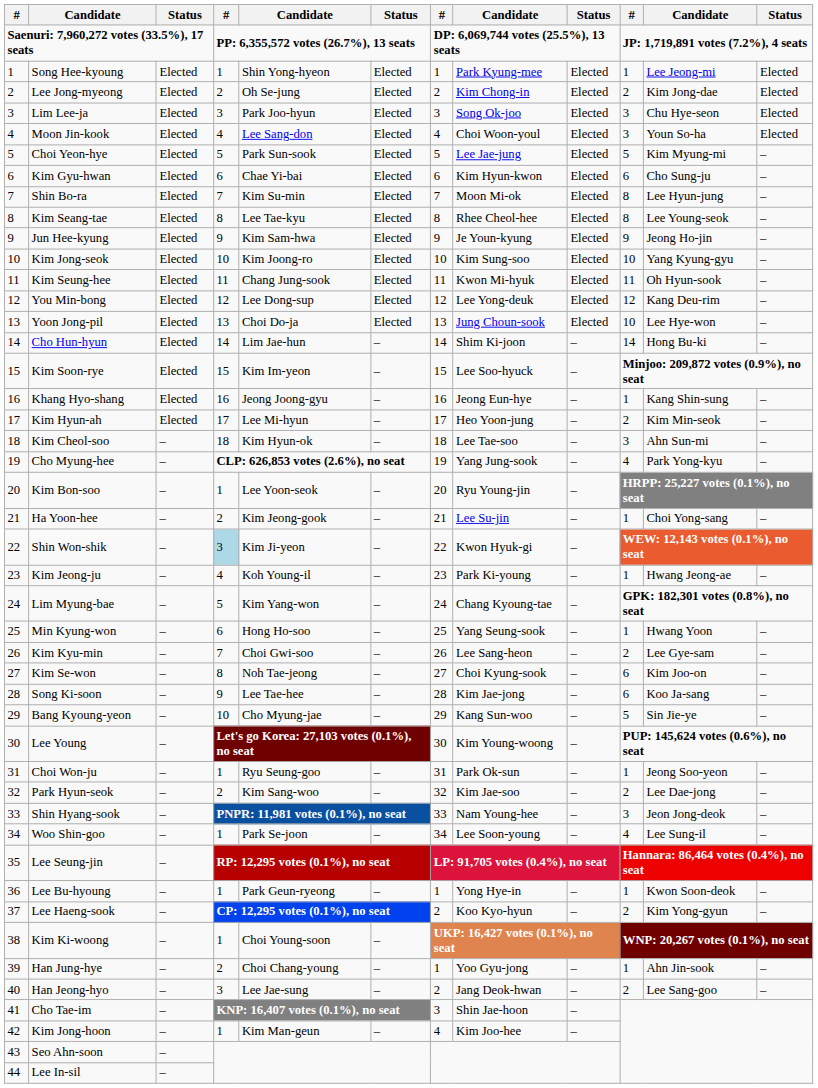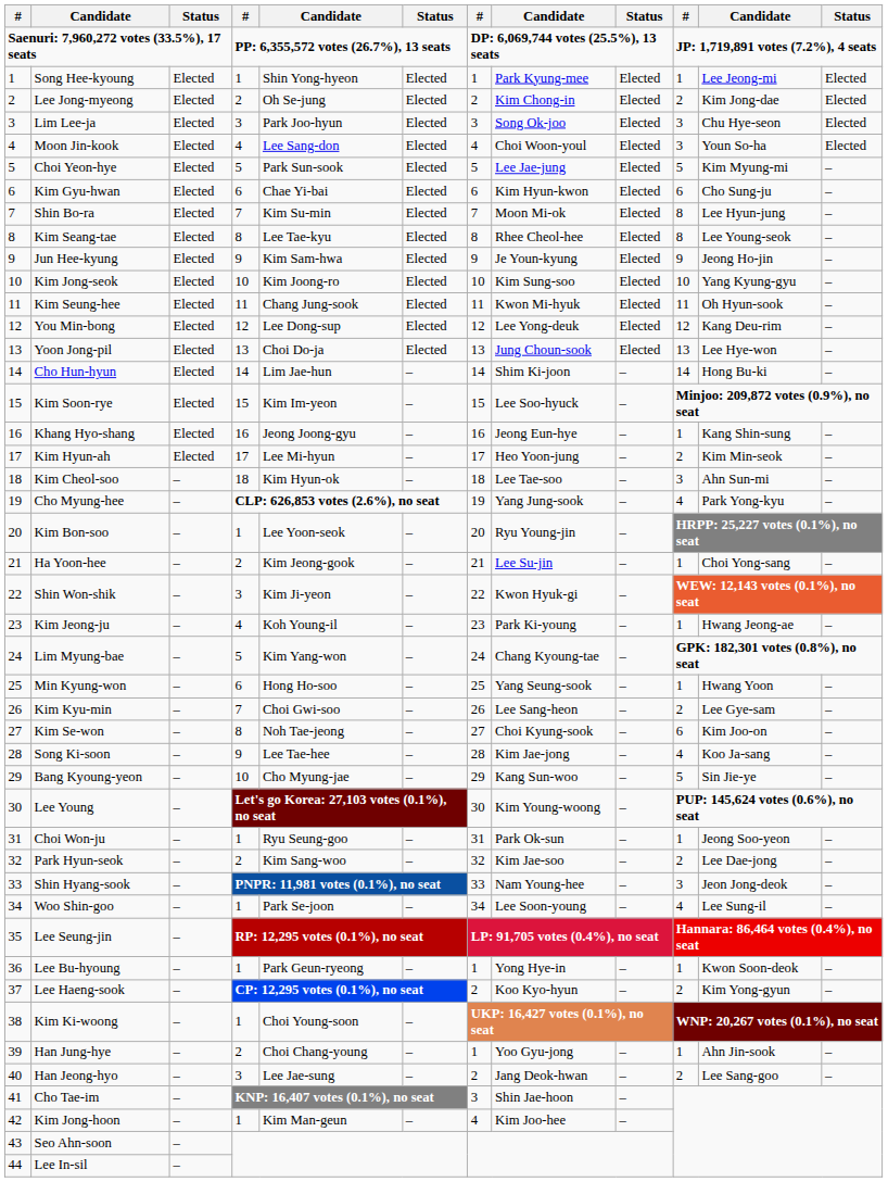 <table class="wikitable" style="font-size:85%;">
 <tr>
 <th>#</th>
 <th>Candidate</th>
 <th>Status</th>
 <th>#</th>
 <th>Candidate</th>
 <th>Status</th>
 <th>#</th>
 <th>Candidate</th>
 <th>Status</th>
 <th>#</th>
 <th>Candidate</th>
 <th>Status</th>
 </tr>
 <tr>
 <td colspan="3" style="background:"><strong>Saenuri: 7,960,272 votes (33.5%), 17 seats</strong></td>
 <td colspan="3" style="background:"><strong>PP: 6,355,572 votes (26.7%), 13 seats</strong></td>
 <td colspan="3" style="background:"><strong>DP: 6,069,744 votes (25.5%), 13 seats</strong></td>
 <td colspan="3" style="background:"><strong>JP: 1,719,891 votes (7.2%), 4 seats</strong></td>
 </tr>
 <tr>
 <td>1</td>
 <td>Song Hee-kyoung</td>
 <td style="background:">Elected</td>
 <td>1</td>
 <td>Shin Yong-hyeon</td>
 <td style="background:">Elected</td>
 <td>1</td>
 <td><a href='#'>Park Kyung-mee</a></td>
 <td style="background:">Elected</td>
 <td>1</td>
 <td><a href='#'>Lee Jeong-mi</a></td>
 <td style="background:">Elected</td>
 </tr>
 <tr>
 <td>2</td>
 <td>Lee Jong-myeong</td>
 <td style="background:">Elected</td>
 <td>2</td>
 <td>Oh Se-jung</td>
 <td style="background:">Elected</td>
 <td>2</td>
 <td><a href='#'>Kim Chong-in</a></td>
 <td style="background:">Elected</td>
 <td>2</td>
 <td>Kim Jong-dae</td>
 <td style="background:">Elected</td>
 </tr>
 <tr>
 <td>3</td>
 <td>Lim Lee-ja</td>
 <td style="background:">Elected</td>
 <td>3</td>
 <td>Park Joo-hyun</td>
 <td style="background:">Elected</td>
 <td>3</td>
 <td><a href='#'>Song Ok-joo</a></td>
 <td style="background:">Elected</td>
 <td>3</td>
 <td>Chu Hye-seon</td>
 <td style="background:">Elected</td>
 </tr>
 <tr>
 <td>4</td>
 <td>Moon Jin-kook</td>
 <td style="background:">Elected</td>
 <td>4</td>
 <td><a href='#'>Lee Sang-don</a></td>
 <td style="background:">Elected</td>
 <td>4</td>
 <td>Choi Woon-youl</td>
 <td style="background:">Elected</td>
 <td>3</td>
 <td>Youn So-ha</td>
 <td style="background:">Elected</td>
 </tr>
 <tr>
 <td>5</td>
 <td>Choi Yeon-hye</td>
 <td style="background:">Elected</td>
 <td>5</td>
 <td>Park Sun-sook</td>
 <td style="background:">Elected</td>
 <td>5</td>
 <td><a href='#'>Lee Jae-jung</a></td>
 <td style="background:">Elected</td>
 <td>5</td>
 <td>Kim Myung-mi</td>
 <td>–</td>
 </tr>
 <tr>
 <td>6</td>
 <td>Kim Gyu-hwan</td>
 <td style="background:">Elected</td>
 <td>6</td>
 <td>Chae Yi-bai</td>
 <td style="background:">Elected</td>
 <td>6</td>
 <td>Kim Hyun-kwon</td>
 <td style="background:">Elected</td>
 <td>6</td>
 <td>Cho Sung-ju</td>
 <td>–</td>
 </tr>
 <tr>
 <td>7</td>
 <td>Shin Bo-ra</td>
 <td style="background:">Elected</td>
 <td>7</td>
 <td>Kim Su-min</td>
 <td style="background:">Elected</td>
 <td>7</td>
 <td>Moon Mi-ok</td>
 <td style="background:">Elected</td>
 <td>8</td>
 <td>Lee Hyun-jung</td>
 <td>–</td>
 </tr>
 <tr>
 <td>8</td>
 <td>Kim Seang-tae</td>
 <td style="background:">Elected</td>
 <td>8</td>
 <td>Lee Tae-kyu</td>
 <td style="background:">Elected</td>
 <td>8</td>
 <td>Rhee Cheol-hee</td>
 <td style="background:">Elected</td>
 <td>8</td>
 <td>Lee Young-seok</td>
 <td>–</td>
 </tr>
 <tr>
 <td>9</td>
 <td>Jun Hee-kyung</td>
 <td style="background:">Elected</td>
 <td>9</td>
 <td>Kim Sam-hwa</td>
 <td style="background:">Elected</td>
 <td>9</td>
 <td>Je Youn-kyung</td>
 <td style="background:">Elected</td>
 <td>9</td>
 <td>Jeong Ho-jin</td>
 <td>–</td>
 </tr>
 <tr>
 <td>10</td>
 <td>Kim Jong-seok</td>
 <td style="background:">Elected</td>
 <td>10</td>
 <td>Kim Joong-ro</td>
 <td style="background:">Elected</td>
 <td>10</td>
 <td>Kim Sung-soo</td>
 <td style="background:">Elected</td>
 <td>10</td>
 <td>Yang Kyung-gyu</td>
 <td>–</td>
 </tr>
 <tr>
 <td>11</td>
 <td>Kim Seung-hee</td>
 <td style="background:">Elected</td>
 <td>11</td>
 <td>Chang Jung-sook</td>
 <td style="background:">Elected</td>
 <td>11</td>
 <td>Kwon Mi-hyuk</td>
 <td style="background:">Elected</td>
 <td>11</td>
 <td>Oh Hyun-sook</td>
 <td>–</td>
 </tr>
 <tr>
 <td>12</td>
 <td>You Min-bong</td>
 <td style="background:">Elected</td>
 <td>12</td>
 <td>Lee Dong-sup</td>
 <td style="background:">Elected</td>
 <td>12</td>
 <td>Lee Yong-deuk</td>
 <td style="background:">Elected</td>
 <td>12</td>
 <td>Kang Deu-rim</td>
 <td>–</td>
 </tr>
 <tr>
 <td>13</td>
 <td>Yoon Jong-pil</td>
 <td style="background:">Elected</td>
 <td>13</td>
 <td>Choi Do-ja</td>
 <td style="background:">Elected</td>
 <td>13</td>
 <td><a href='#'>Jung Choun-sook</a></td>
 <td style="background:">Elected</td>
-<td>10</td>
+<td>13</td>
 <td>Lee Hye-won</td>
 <td>–</td>
 </tr>
 <tr>
 <td>14</td>
 <td><a href='#'>Cho Hun-hyun</a></td>
 <td style="background:">Elected</td>
 <td>14</td>
 <td>Lim Jae-hun</td>
 <td>–</td>
 <td>14</td>
 <td>Shim Ki-joon</td>
 <td>–</td>
 <td>14</td>
 <td>Hong Bu-ki</td>
 <td>–</td>
 </tr>
 <tr>
 <td>15</td>
 <td>Kim Soon-rye</td>
 <td style="background:">Elected</td>
 <td>15</td>
 <td>Kim Im-yeon</td>
 <td>–</td>
 <td>15</td>
 <td>Lee Soo-hyuck</td>
 <td>–</td>
 <td colspan="3" style="background:"><strong>Minjoo: 209,872 votes (0.9%), no seat</strong></td>
 </tr>
 <tr>
 <td>16</td>
 <td>Khang Hyo-shang</td>
 <td style="background:">Elected</td>
 <td>16</td>
 <td>Jeong Joong-gyu</td>
 <td>–</td>
 <td>16</td>
 <td>Jeong Eun-hye</td>
 <td>–</td>
 <td>1</td>
 <td>Kang Shin-sung</td>
 <td>–</td>
 </tr>
 <tr>
 <td>17</td>
 <td>Kim Hyun-ah</td>
 <td style="background:">Elected</td>
 <td>17</td>
 <td>Lee Mi-hyun</td>
 <td>–</td>
 <td>17</td>
 <td>Heo Yoon-jung</td>
 <td>–</td>
 <td>2</td>
 <td>Kim Min-seok</td>
 <td>–</td>
 </tr>
 <tr>
 <td>18</td>
 <td>Kim Cheol-soo</td>
 <td>–</td>
 <td>18</td>
 <td>Kim Hyun-ok</td>
 <td>–</td>
 <td>18</td>
 <td>Lee Tae-soo</td>
 <td>–</td>
 <td>3</td>
 <td>Ahn Sun-mi</td>
 <td>–</td>
 </tr>
 <tr>
 <td>19</td>
 <td>Cho Myung-hee</td>
 <td>–</td>
 <td colspan="3" style="background:"><strong>CLP: 626,853 votes (2.6%), no seat</strong></td>
 <td>19</td>
 <td>Yang Jung-sook</td>
 <td>–</td>
 <td>4</td>
 <td>Park Yong-kyu</td>
 <td>–</td>
 </tr>
 <tr>
 <td>20</td>
 <td>Kim Bon-soo</td>
 <td>–</td>
 <td>1</td>
 <td>Lee Yoon-seok</td>
 <td>–</td>
 <td>20</td>
 <td>Ryu Young-jin</td>
 <td>–</td>
 <td colspan="3" style="background:grey; color:white"><strong>HRPP: 25,227 votes (0.1%), no seat</strong></td>
 </tr>
 <tr>
 <td>21</td>
 <td>Ha Yoon-hee</td>
 <td>–</td>
 <td>2</td>
 <td>Kim Jeong-gook</td>
 <td>–</td>
 <td>21</td>
 <td><a href='#'>Lee Su-jin</a></td>
 <td>–</td>
 <td>1</td>
 <td>Choi Yong-sang</td>
 <td>–</td>
 </tr>
 <tr>
 <td>22</td>
 <td>Shin Won-shik</td>
 <td>–</td>
-<td style="background: lightblue;">3</td>
+<td>3</td>
 <td>Kim Ji-yeon</td>
 <td>–</td>
 <td>22</td>
 <td>Kwon Hyuk-gi</td>
 <td>–</td>
 <td colspan="3" style="background:#EA5C30; color:white"><strong>WEW: 12,143 votes (0.1%), no seat</strong></td>
 </tr>
 <tr>
 <td>23</td>
 <td>Kim Jeong-ju</td>
 <td>–</td>
 <td>4</td>
 <td>Koh Young-il</td>
 <td>–</td>
 <td>23</td>
 <td>Park Ki-young</td>
 <td>–</td>
 <td>1</td>
 <td>Hwang Jeong-ae</td>
 <td>–</td>
 </tr>
 <tr>
 <td>24</td>
 <td>Lim Myung-bae</td>
 <td>–</td>
 <td>5</td>
 <td>Kim Yang-won</td>
 <td>–</td>
 <td>24</td>
 <td>Chang Kyoung-tae</td>
 <td>–</td>
 <td colspan="3" style="background:"><strong>GPK: 182,301 votes (0.8%), no seat</strong></td>
 </tr>
 <tr>
 <td>25</td>
 <td>Min Kyung-won</td>
 <td>–</td>
 <td>6</td>
 <td>Hong Ho-soo</td>
 <td>–</td>
 <td>25</td>
 <td>Yang Seung-sook</td>
 <td>–</td>
 <td>1</td>
 <td>Hwang Yoon</td>
 <td>–</td>
 </tr>
 <tr>
 <td>26</td>
 <td>Kim Kyu-min</td>
 <td>–</td>
 <td>7</td>
 <td>Choi Gwi-soo</td>
 <td>–</td>
 <td>26</td>
 <td>Lee Sang-heon</td>
 <td>–</td>
 <td>2</td>
 <td>Lee Gye-sam</td>
 <td>–</td>
 </tr>
 <tr>
 <td>27</td>
 <td>Kim Se-won</td>
 <td>–</td>
 <td>8</td>
 <td>Noh Tae-jeong</td>
 <td>–</td>
 <td>27</td>
 <td>Choi Kyung-sook</td>
 <td>–</td>
 <td>6</td>
 <td>Kim Joo-on</td>
 <td>–</td>
 </tr>
 <tr>
 <td>28</td>
 <td>Song Ki-soon</td>
 <td>–</td>
 <td>9</td>
 <td>Lee Tae-hee</td>
 <td>–</td>
 <td>28</td>
 <td>Kim Jae-jong</td>
 <td>–</td>
-<td>6</td>
+<td>4</td>
 <td>Koo Ja-sang</td>
 <td>–</td>
 </tr>
 <tr>
 <td>29</td>
 <td>Bang Kyoung-yeon</td>
 <td>–</td>
 <td>10</td>
 <td>Cho Myung-jae</td>
 <td>–</td>
 <td>29</td>
 <td>Kang Sun-woo</td>
 <td>–</td>
 <td>5</td>
 <td>Sin Jie-ye</td>
 <td>–</td>
 </tr>
 <tr>
 <td>30</td>
 <td>Lee Young</td>
 <td>–</td>
 <td colspan="3" style="background:#6F0000; color:white"><strong>Let's go Korea: 27,103 votes (0.1%), no seat</strong></td>
 <td>30</td>
 <td>Kim Young-woong</td>
 <td>–</td>
 <td colspan="3" style="background:"><strong>PUP: 145,624 votes (0.6%), no seat</strong></td>
 </tr>
 <tr>
 <td>31</td>
 <td>Choi Won-ju</td>
 <td>–</td>
 <td>1</td>
 <td>Ryu Seung-goo</td>
 <td>–</td>
 <td>31</td>
 <td>Park Ok-sun</td>
 <td>–</td>
 <td>1</td>
 <td>Jeong Soo-yeon</td>
 <td>–</td>
 </tr>
 <tr>
 <td>32</td>
 <td>Park Hyun-seok</td>
 <td>–</td>
 <td>2</td>
 <td>Kim Sang-woo</td>
 <td>–</td>
 <td>32</td>
 <td>Kim Jae-soo</td>
 <td>–</td>
 <td>2</td>
 <td>Lee Dae-jong</td>
 <td>–</td>
 </tr>
 <tr>
 <td>33</td>
 <td>Shin Hyang-sook</td>
 <td>–</td>
 <td colspan="3" style="background:#0A50A1; color:white"><strong>PNPR: 11,981 votes (0.1%), no seat</strong></td>
 <td>33</td>
 <td>Nam Young-hee</td>
 <td>–</td>
 <td>3</td>
 <td>Jeon Jong-deok</td>
 <td>–</td>
 </tr>
 <tr>
 <td>34</td>
 <td>Woo Shin-goo</td>
 <td>–</td>
 <td>1</td>
 <td>Park Se-joon</td>
 <td>–</td>
 <td>34</td>
 <td>Lee Soon-young</td>
 <td>–</td>
 <td>4</td>
 <td>Lee Sung-il</td>
 <td>–</td>
 </tr>
 <tr>
 <td>35</td>
 <td>Lee Seung-jin</td>
 <td>–</td>
 <td colspan="3" style="background:#B70000; color:white"><strong>RP: 12,295 votes (0.1%), no seat</strong></td>
 <td colspan="3" style="background:#DC143C; color:white"><strong>LP: 91,705 votes (0.4%), no seat</strong></td>
 <td colspan="3" style="background:#ED0000; color:white"><strong>Hannara: 86,464 votes (0.4%), no seat</strong></td>
 </tr>
 <tr>
 <td>36</td>
 <td>Lee Bu-hyoung</td>
 <td>–</td>
 <td>1</td>
 <td>Park Geun-ryeong</td>
 <td>–</td>
 <td>1</td>
 <td>Yong Hye-in</td>
 <td>–</td>
 <td>1</td>
 <td>Kwon Soon-deok</td>
 <td>–</td>
 </tr>
 <tr>
 <td>37</td>
 <td>Lee Haeng-sook</td>
 <td>–</td>
 <td colspan="3" style="background:#0042ED; color:white"><strong>CP: 12,295 votes (0.1%), no seat</strong></td>
 <td>2</td>
 <td>Koo Kyo-hyun</td>
 <td>–</td>
 <td>2</td>
 <td>Kim Yong-gyun</td>
 <td>–</td>
 </tr>
 <tr>
 <td>38</td>
 <td>Kim Ki-woong</td>
 <td>–</td>
 <td>1</td>
 <td>Choi Young-soon</td>
 <td>–</td>
 <td colspan="3" style="background:#E0844F; color:white"><strong>UKP: 16,427 votes (0.1%), no seat</strong></td>
 <td colspan="3" style="background:#6F0000; color:white"><strong>WNP: 20,267 votes (0.1%), no seat</strong></td>
 </tr>
 <tr>
 <td>39</td>
 <td>Han Jung-hye</td>
 <td>–</td>
 <td>2</td>
 <td>Choi Chang-young</td>
 <td>–</td>
 <td>1</td>
 <td>Yoo Gyu-jong</td>
 <td>–</td>
 <td>1</td>
 <td>Ahn Jin-sook</td>
 <td>–</td>
 </tr>
 <tr>
 <td>40</td>
 <td>Han Jeong-hyo</td>
 <td>–</td>
 <td>3</td>
 <td>Lee Jae-sung</td>
 <td>–</td>
 <td>2</td>
 <td>Jang Deok-hwan</td>
 <td>–</td>
 <td>2</td>
 <td>Lee Sang-goo</td>
 <td>–</td>
 </tr>
 <tr>
 <td>41</td>
 <td>Cho Tae-im</td>
 <td>–</td>
 <td colspan="3" style="background:grey; color:white"><strong>KNP: 16,407 votes (0.1%), no seat</strong></td>
 <td>3</td>
 <td>Shin Jae-hoon</td>
 <td>–</td>
 <td colspan="3" rowspan="4"></td>
 </tr>
 <tr>
 <td>42</td>
 <td>Kim Jong-hoon</td>
 <td>–</td>
 <td>1</td>
 <td>Kim Man-geun</td>
 <td>–</td>
 <td>4</td>
 <td>Kim Joo-hee</td>
 <td>–</td>
 </tr>
 <tr>
 <td>43</td>
 <td>Seo Ahn-soon</td>
 <td>–</td>
 <td colspan="3" rowspan="2"></td>
 <td colspan="3" rowspan="2"></td>
 </tr>
 <tr>
 <td>44</td>
 <td>Lee In-sil</td>
 <td>–</td>
 </tr>
 </table>
